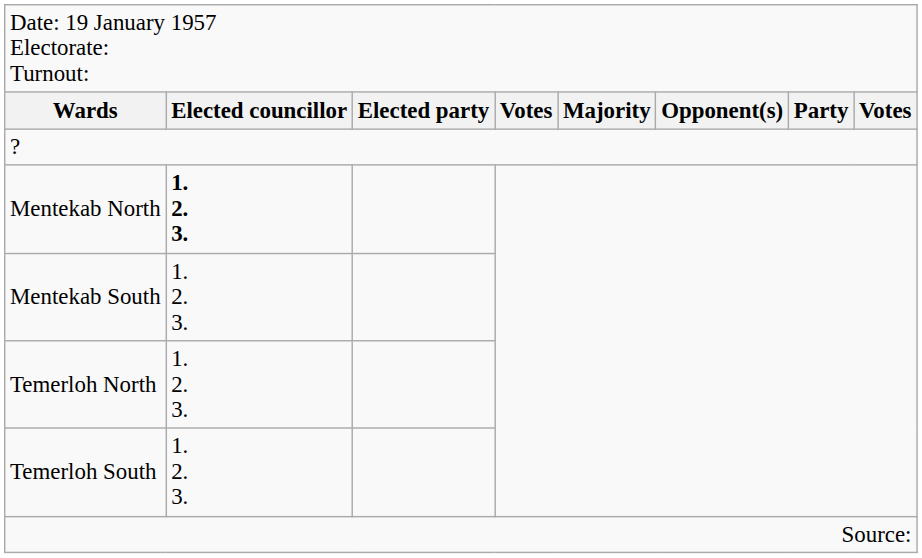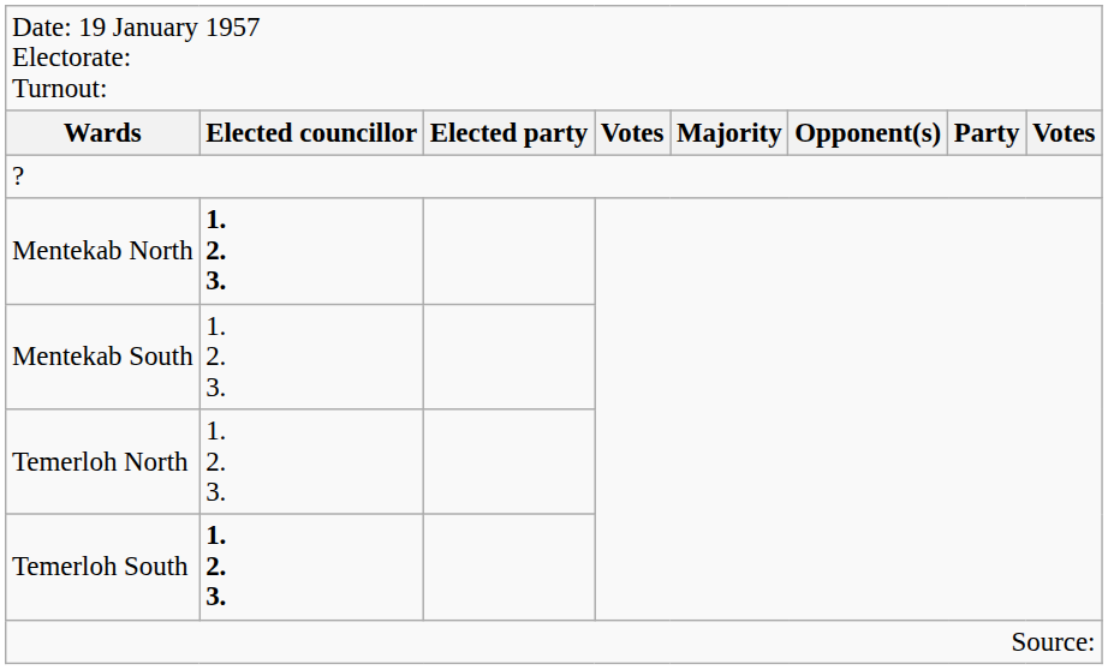 <table class=wikitable>
 <tr>
 <td colspan=8>Date: 19 January 1957<br>Electorate: <br>Turnout:</td>
 </tr>
 <tr>
 <th>Wards</th>
 <th>Elected councillor</th>
 <th>Elected party</th>
 <th>Votes</th>
 <th>Majority</th>
 <th>Opponent(s)</th>
 <th>Party</th>
 <th>Votes</th>
 </tr>
 <tr>
 <td colspan=8>? </td>
 </tr>
 <tr>
 <td>Mentekab North</td>
 <td><strong>1.<br>2.<br>3.</strong></td>
 <td></td>
 </tr>
 <tr>
 <td>Mentekab South</td>
 <td>1.<br>2.<br>3.</td>
 <td></td>
 </tr>
 <tr>
 <td>Temerloh North</td>
 <td>1.<br>2.<br>3.</td>
 <td></td>
 </tr>
 <tr>
 <td>Temerloh South</td>
-<td>1.<br>2.<br>3.</td>
+<td><strong>1.<br>2.<br>3.</strong></td>
 <td></td>
 </tr>
 <tr>
 <td colspan=8 align=right>Source: </td>
 </tr>
 </table>
